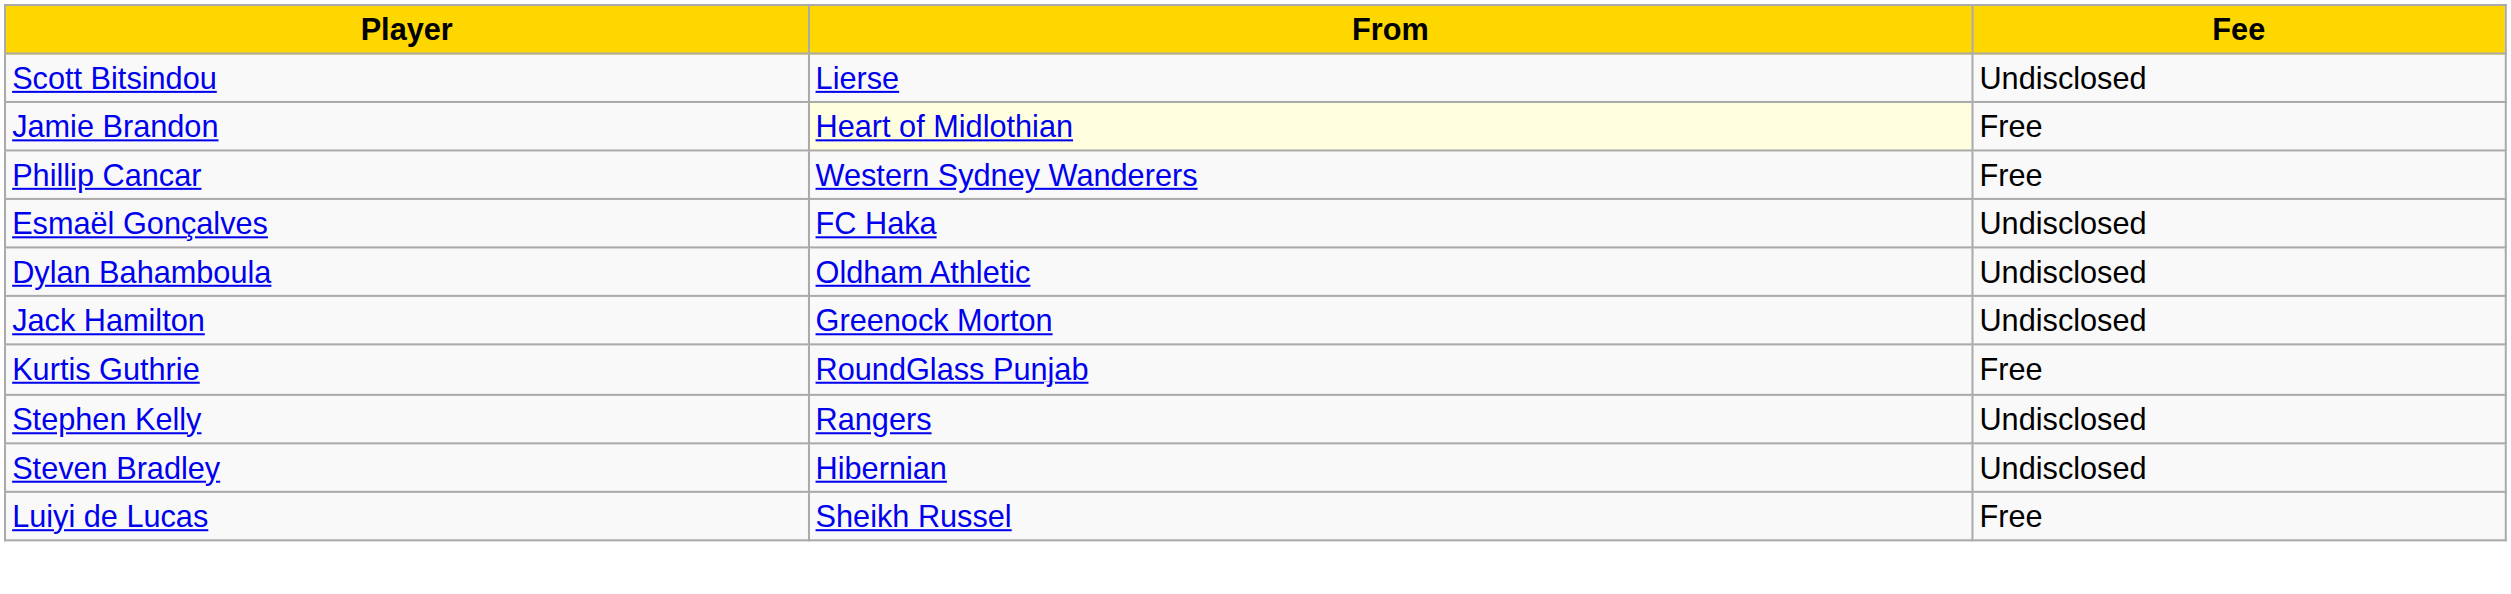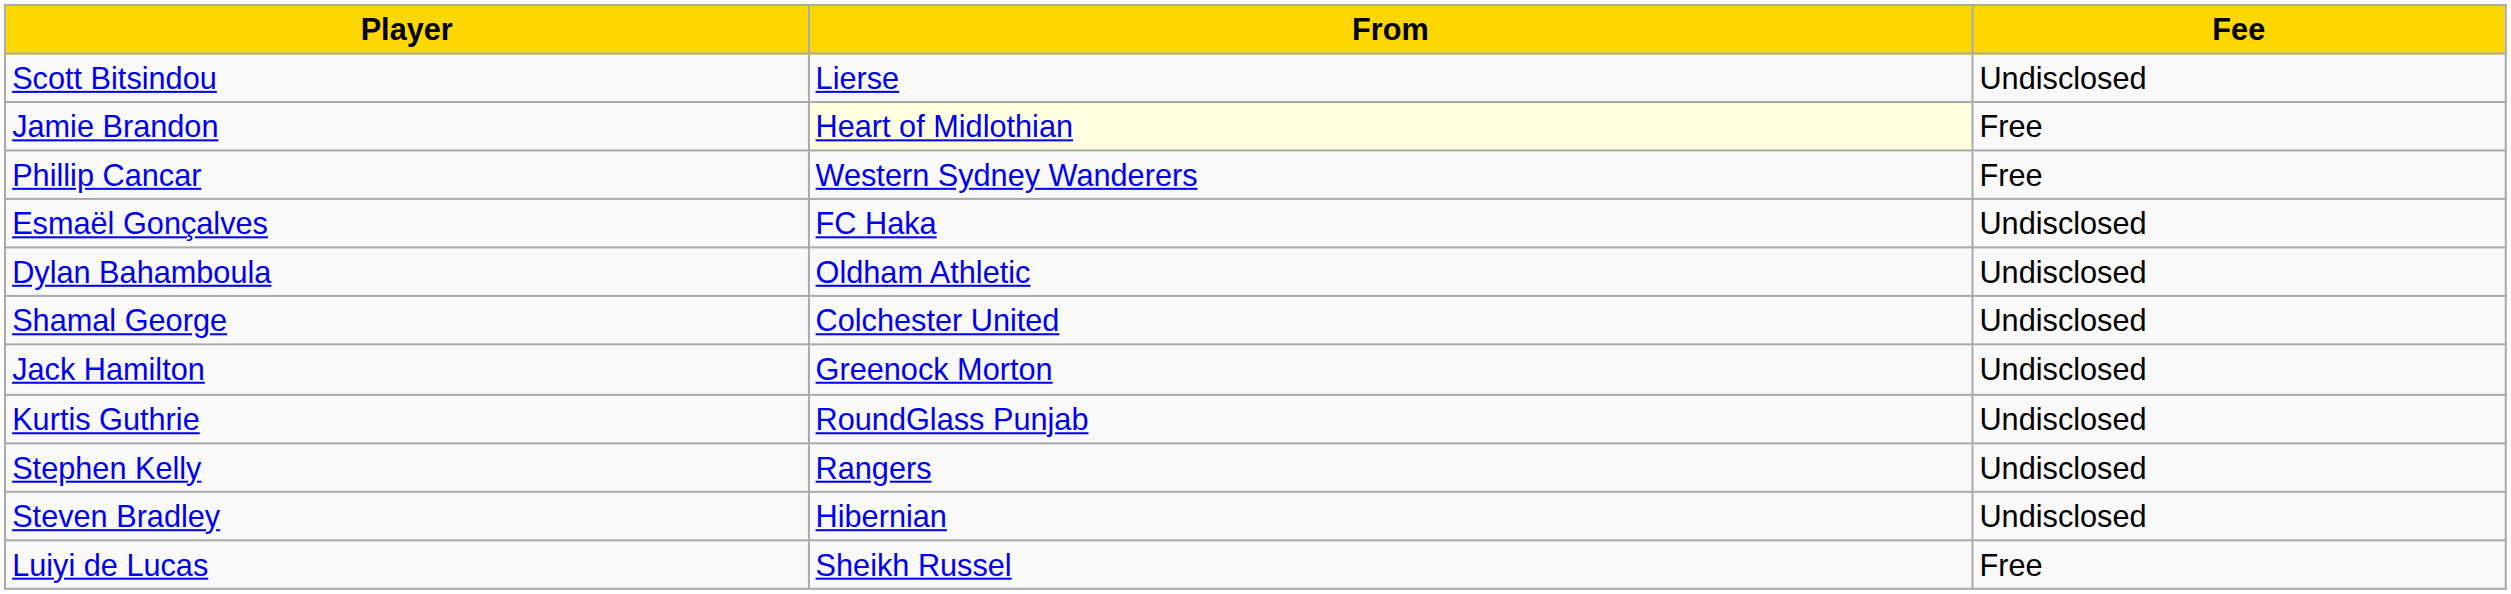 <table class="wikitable" style="text-align:left; font-size:95%;width:98%;">
 <tr>
 <th style="background:gold; color:black;”">Player</th>
 <th style="background:gold; color:black;”">From</th>
 <th style="background:gold; color:black;”">Fee</th>
 </tr>
 <tr>
 <td> <a href='#'>Scott Bitsindou</a></td>
 <td> <a href='#'>Lierse</a></td>
 <td>Undisclosed</td>
 </tr>
 <tr>
 <td> <a href='#'>Jamie Brandon</a></td>
 <td style="background: lightyellow;"> <a href='#'>Heart of Midlothian</a></td>
 <td>Free</td>
 </tr>
 <tr>
 <td> <a href='#'>Phillip Cancar</a></td>
 <td> <a href='#'>Western Sydney Wanderers</a></td>
 <td>Free</td>
 </tr>
 <tr>
 <td> <a href='#'>Esmaël Gonçalves</a></td>
 <td> <a href='#'>FC Haka</a></td>
 <td>Undisclosed</td>
 </tr>
 <tr>
 <td> <a href='#'>Dylan Bahamboula</a></td>
 <td> <a href='#'>Oldham Athletic</a></td>
 <td>Undisclosed</td>
 </tr>
 <tr>
+<td> <a href='#'>Shamal George</a></td>
+<td> <a href='#'>Colchester United</a></td>
+<td>Undisclosed</td>
+</tr>
+<tr>
 <td> <a href='#'>Jack Hamilton</a></td>
 <td> <a href='#'>Greenock Morton</a></td>
 <td>Undisclosed</td>
 </tr>
 <tr>
 <td> <a href='#'>Kurtis Guthrie</a></td>
 <td> <a href='#'>RoundGlass Punjab</a></td>
-<td>Free</td>
+<td>Undisclosed</td>
 </tr>
 <tr>
 <td> <a href='#'>Stephen Kelly</a></td>
 <td> <a href='#'>Rangers</a></td>
 <td>Undisclosed</td>
 </tr>
 <tr>
 <td> <a href='#'>Steven Bradley</a></td>
 <td> <a href='#'>Hibernian</a></td>
 <td>Undisclosed</td>
 </tr>
 <tr>
 <td> <a href='#'>Luiyi de Lucas</a></td>
 <td> <a href='#'>Sheikh Russel</a></td>
 <td>Free</td>
 </tr>
 </table>
